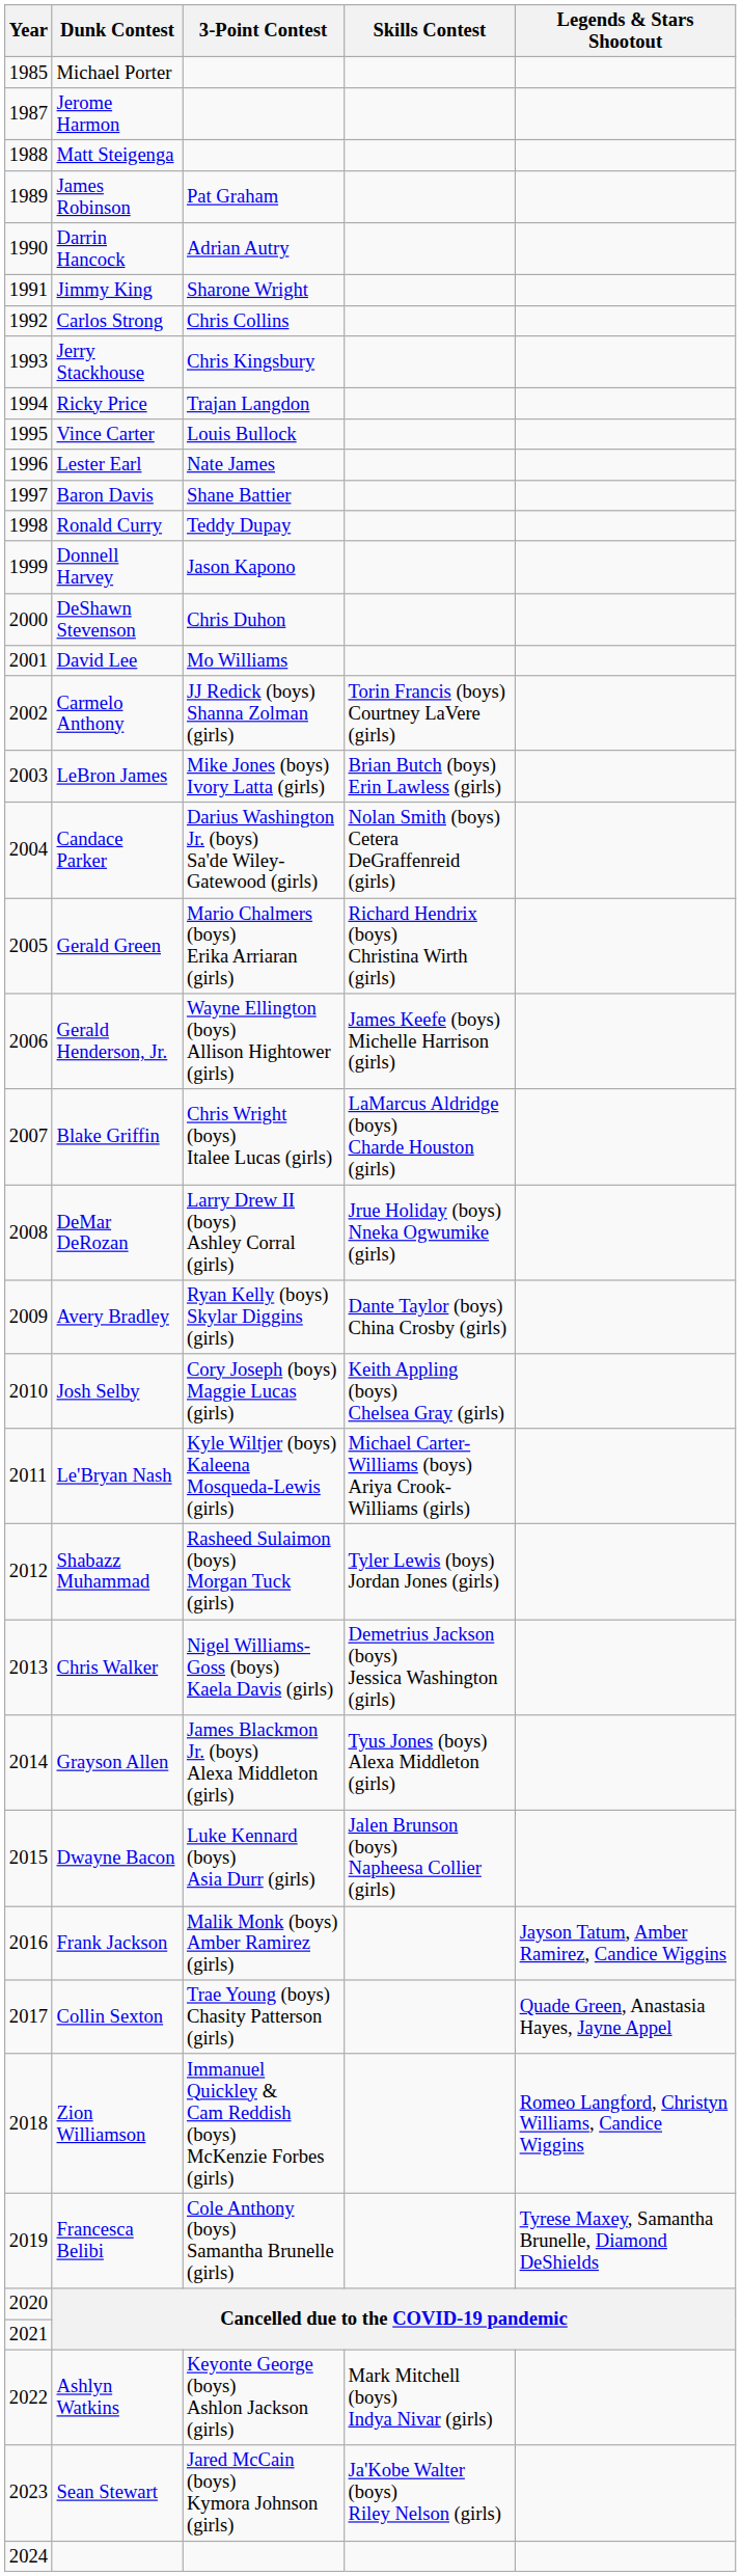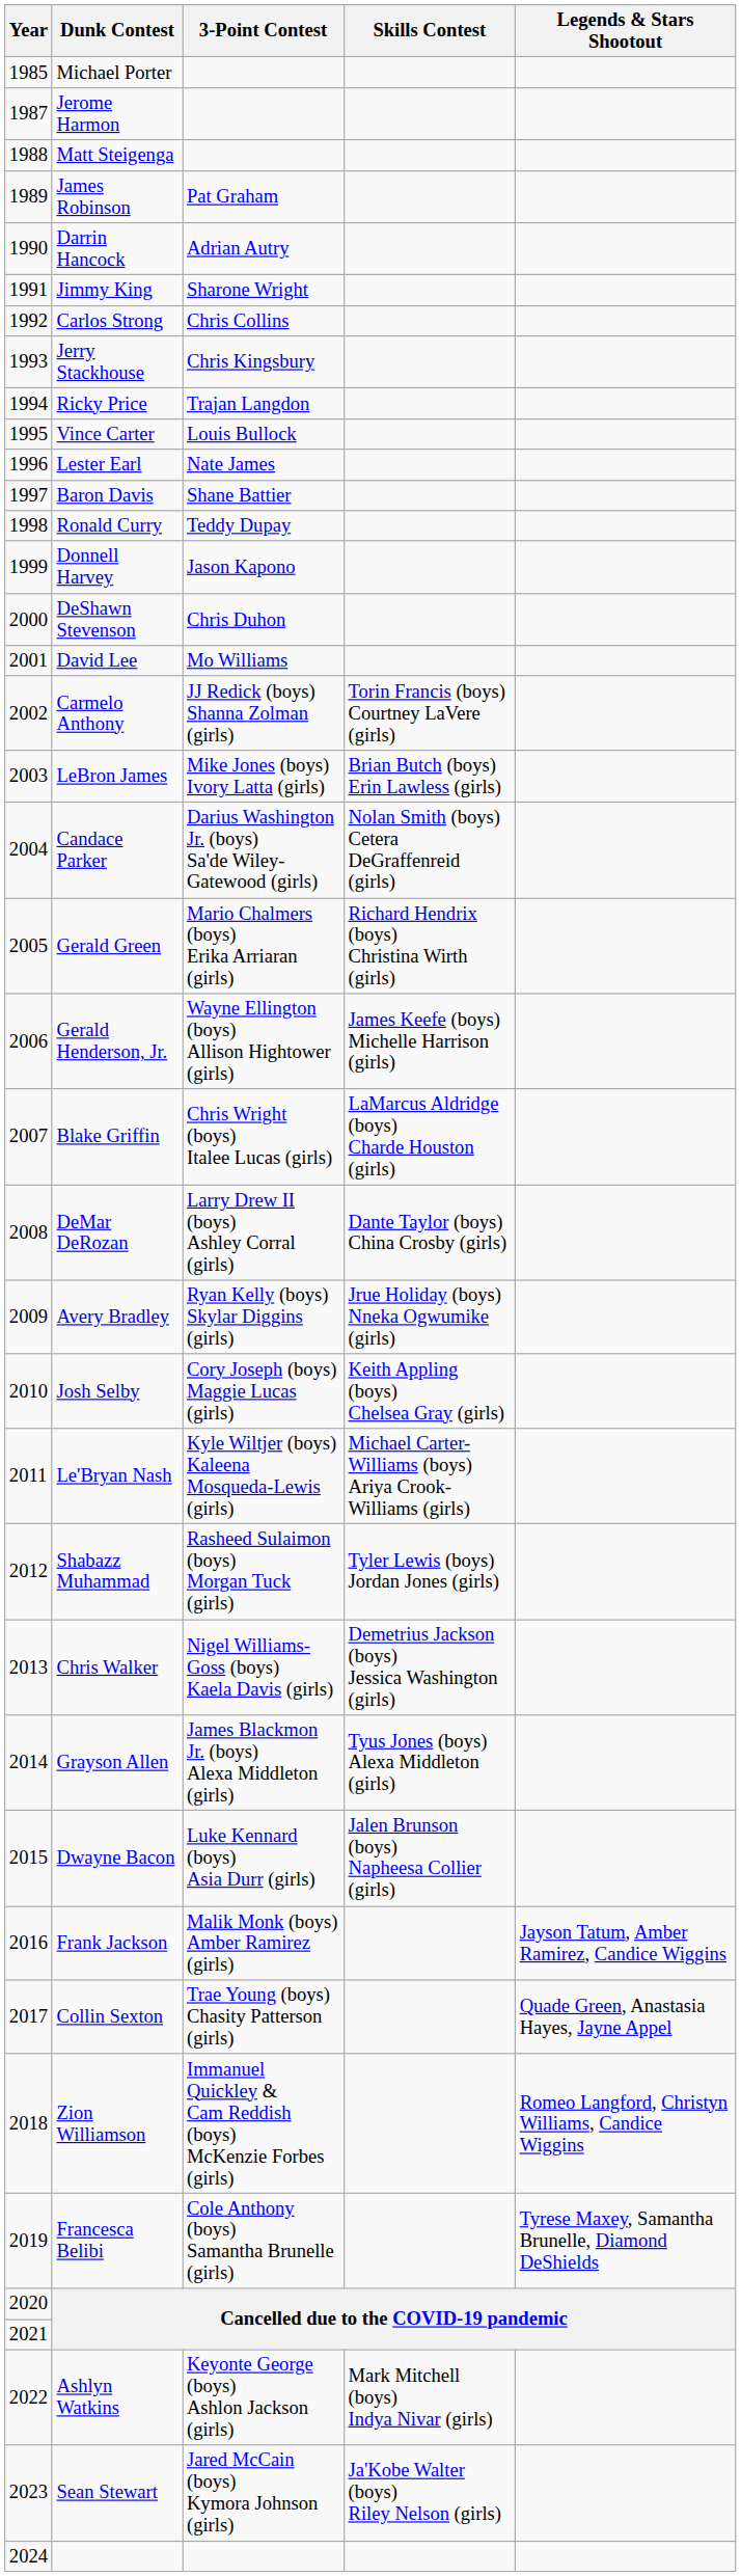 <table class="wikitable sortable">
 <tr>
 <th>Year</th>
 <th>Dunk Contest</th>
 <th>3-Point Contest</th>
 <th>Skills Contest</th>
 <th>Legends & Stars Shootout</th>
 </tr>
 <tr>
 <td>1985</td>
 <td>Michael Porter</td>
 <td></td>
 <td></td>
 <td></td>
 </tr>
 <tr>
 <td>1987</td>
 <td><a href='#'>Jerome Harmon</a></td>
 <td></td>
 <td></td>
 <td></td>
 </tr>
 <tr>
 <td>1988</td>
 <td><a href='#'>Matt Steigenga</a></td>
 <td></td>
 <td></td>
 <td></td>
 </tr>
 <tr>
 <td>1989</td>
 <td><a href='#'>James Robinson</a></td>
 <td><a href='#'>Pat Graham</a></td>
 <td></td>
 <td></td>
 </tr>
 <tr>
 <td>1990</td>
 <td><a href='#'>Darrin Hancock</a></td>
 <td><a href='#'>Adrian Autry</a></td>
 <td></td>
 <td></td>
 </tr>
 <tr>
 <td>1991</td>
 <td><a href='#'>Jimmy King</a></td>
 <td><a href='#'>Sharone Wright</a></td>
 <td></td>
 <td></td>
 </tr>
 <tr>
 <td>1992</td>
 <td><a href='#'>Carlos Strong</a></td>
 <td><a href='#'>Chris Collins</a></td>
 <td></td>
 <td></td>
 </tr>
 <tr>
 <td>1993</td>
 <td><a href='#'>Jerry Stackhouse</a></td>
 <td><a href='#'>Chris Kingsbury</a></td>
 <td></td>
 <td></td>
 </tr>
 <tr>
 <td>1994</td>
 <td><a href='#'>Ricky Price</a></td>
 <td><a href='#'>Trajan Langdon</a></td>
 <td></td>
 <td></td>
 </tr>
 <tr>
 <td>1995</td>
 <td><a href='#'>Vince Carter</a></td>
 <td><a href='#'>Louis Bullock</a></td>
 <td></td>
 <td></td>
 </tr>
 <tr>
 <td>1996</td>
 <td><a href='#'>Lester Earl</a></td>
 <td><a href='#'>Nate James</a></td>
 <td></td>
 <td></td>
 </tr>
 <tr>
 <td>1997</td>
 <td><a href='#'>Baron Davis</a></td>
 <td><a href='#'>Shane Battier</a></td>
 <td></td>
 <td></td>
 </tr>
 <tr>
 <td>1998</td>
 <td><a href='#'>Ronald Curry</a></td>
 <td><a href='#'>Teddy Dupay</a></td>
 <td></td>
 <td></td>
 </tr>
 <tr>
 <td>1999</td>
 <td><a href='#'>Donnell Harvey</a></td>
 <td><a href='#'>Jason Kapono</a></td>
 <td></td>
 <td></td>
 </tr>
 <tr>
 <td>2000</td>
 <td><a href='#'>DeShawn Stevenson</a></td>
 <td><a href='#'>Chris Duhon</a></td>
 <td></td>
 <td></td>
 </tr>
 <tr>
 <td>2001</td>
 <td><a href='#'>David Lee</a></td>
 <td><a href='#'>Mo Williams</a></td>
 <td></td>
 <td></td>
 </tr>
 <tr>
 <td>2002</td>
 <td><a href='#'>Carmelo Anthony</a></td>
 <td><a href='#'>JJ Redick</a> (boys)<br><a href='#'>Shanna Zolman</a> (girls)</td>
 <td><a href='#'>Torin Francis</a> (boys)<br>Courtney LaVere (girls)</td>
 <td></td>
 </tr>
 <tr>
 <td>2003</td>
 <td><a href='#'>LeBron James</a></td>
 <td><a href='#'>Mike Jones</a> (boys)<br><a href='#'>Ivory Latta</a> (girls)</td>
 <td><a href='#'>Brian Butch</a> (boys)<br><a href='#'>Erin Lawless</a> (girls)</td>
 <td></td>
 </tr>
 <tr>
 <td>2004</td>
 <td><a href='#'>Candace Parker</a></td>
 <td><a href='#'>Darius Washington Jr.</a> (boys)<br>Sa'de Wiley-Gatewood (girls)</td>
 <td><a href='#'>Nolan Smith</a> (boys)<br>Cetera DeGraffenreid (girls)</td>
 <td></td>
 </tr>
 <tr>
 <td>2005</td>
 <td><a href='#'>Gerald Green</a></td>
 <td><a href='#'>Mario Chalmers</a> (boys)<br>Erika Arriaran (girls)</td>
 <td><a href='#'>Richard Hendrix</a> (boys)<br>Christina Wirth (girls)</td>
 <td></td>
 </tr>
 <tr>
 <td>2006</td>
 <td><a href='#'>Gerald Henderson, Jr.</a></td>
 <td><a href='#'>Wayne Ellington</a> (boys)<br>Allison Hightower (girls)</td>
 <td><a href='#'>James Keefe</a> (boys)<br>Michelle Harrison (girls)</td>
 <td></td>
 </tr>
 <tr>
 <td>2007</td>
 <td><a href='#'>Blake Griffin</a></td>
 <td><a href='#'>Chris Wright</a> (boys)<br>Italee Lucas (girls)</td>
 <td><a href='#'>LaMarcus Aldridge</a> (boys)<br><a href='#'>Charde Houston</a> (girls)</td>
 <td></td>
 </tr>
 <tr>
 <td>2008</td>
 <td><a href='#'>DeMar DeRozan</a></td>
 <td><a href='#'>Larry Drew II</a> (boys)<br>Ashley Corral (girls)</td>
-<td><a href='#'>Jrue Holiday</a> (boys)<br><a href='#'>Nneka Ogwumike</a> (girls)</td>
+<td><a href='#'>Dante Taylor</a> (boys)<br>China Crosby (girls)</td>
 <td></td>
 </tr>
 <tr>
 <td>2009</td>
 <td><a href='#'>Avery Bradley</a></td>
 <td><a href='#'>Ryan Kelly</a> (boys)<br><a href='#'>Skylar Diggins</a> (girls)</td>
-<td><a href='#'>Dante Taylor</a> (boys)<br>China Crosby (girls)</td>
+<td><a href='#'>Jrue Holiday</a> (boys)<br><a href='#'>Nneka Ogwumike</a> (girls)</td>
 <td></td>
 </tr>
 <tr>
 <td>2010</td>
 <td><a href='#'>Josh Selby</a></td>
 <td><a href='#'>Cory Joseph</a> (boys)<br><a href='#'>Maggie Lucas</a> (girls)</td>
 <td><a href='#'>Keith Appling</a> (boys)<br><a href='#'>Chelsea Gray</a> (girls)</td>
 <td></td>
 </tr>
 <tr>
 <td>2011</td>
 <td><a href='#'>Le'Bryan Nash</a></td>
 <td><a href='#'>Kyle Wiltjer</a> (boys)<br><a href='#'>Kaleena Mosqueda-Lewis</a> (girls)</td>
 <td><a href='#'>Michael Carter-Williams</a> (boys)<br>Ariya Crook-Williams (girls)</td>
 <td></td>
 </tr>
 <tr>
 <td>2012</td>
 <td><a href='#'>Shabazz Muhammad</a></td>
 <td><a href='#'>Rasheed Sulaimon</a> (boys)<br><a href='#'>Morgan Tuck</a> (girls)</td>
 <td><a href='#'>Tyler Lewis</a> (boys)<br>Jordan Jones (girls)</td>
 <td></td>
 </tr>
 <tr>
 <td>2013</td>
 <td><a href='#'>Chris Walker</a></td>
 <td><a href='#'>Nigel Williams-Goss</a> (boys)<br><a href='#'>Kaela Davis</a> (girls)</td>
 <td><a href='#'>Demetrius Jackson</a> (boys)<br>Jessica Washington (girls)</td>
 <td></td>
 </tr>
 <tr>
 <td>2014</td>
 <td><a href='#'>Grayson Allen</a></td>
 <td><a href='#'>James Blackmon Jr.</a> (boys)<br>Alexa Middleton (girls)</td>
 <td><a href='#'>Tyus Jones</a> (boys)<br>Alexa Middleton (girls)</td>
 <td></td>
 </tr>
 <tr>
 <td>2015</td>
 <td><a href='#'>Dwayne Bacon</a></td>
 <td><a href='#'>Luke Kennard</a> (boys)<br><a href='#'>Asia Durr</a> (girls)</td>
 <td><a href='#'>Jalen Brunson</a> (boys)<br><a href='#'>Napheesa Collier</a> (girls)</td>
 <td></td>
 </tr>
 <tr>
 <td>2016</td>
 <td><a href='#'>Frank Jackson</a></td>
 <td><a href='#'>Malik Monk</a> (boys)<br><a href='#'>Amber Ramirez</a> (girls)</td>
 <td></td>
 <td><a href='#'>Jayson Tatum</a>, <a href='#'>Amber Ramirez</a>, <a href='#'>Candice Wiggins</a></td>
 </tr>
 <tr>
 <td>2017</td>
 <td><a href='#'>Collin Sexton</a></td>
 <td><a href='#'>Trae Young</a> (boys)<br>Chasity Patterson (girls)</td>
 <td></td>
 <td><a href='#'>Quade Green</a>, Anastasia Hayes, <a href='#'>Jayne Appel</a></td>
 </tr>
 <tr>
 <td>2018</td>
 <td><a href='#'>Zion Williamson</a></td>
 <td><a href='#'>Immanuel Quickley</a> &<br><a href='#'>Cam Reddish</a> (boys)<br>McKenzie Forbes (girls)</td>
 <td></td>
 <td><a href='#'>Romeo Langford</a>, <a href='#'>Christyn Williams</a>, <a href='#'>Candice Wiggins</a></td>
 </tr>
 <tr>
 <td>2019</td>
 <td><a href='#'>Francesca Belibi</a></td>
 <td><a href='#'>Cole Anthony</a> (boys)<br>Samantha Brunelle (girls)</td>
 <td></td>
 <td><a href='#'>Tyrese Maxey</a>, Samantha Brunelle, <a href='#'>Diamond DeShields</a></td>
 </tr>
 <tr>
 <td>2020</td>
 <th colspan="4" rowspan="2">Cancelled due to the <a href='#'>COVID-19 pandemic</a></th>
 </tr>
 <tr>
 <td>2021</td>
 </tr>
 <tr>
 <td>2022</td>
 <td><a href='#'>Ashlyn Watkins</a></td>
 <td><a href='#'>Keyonte George</a> (boys)<br>Ashlon Jackson (girls)</td>
 <td>Mark Mitchell (boys)<br><a href='#'>Indya Nivar</a> (girls)</td>
 <td></td>
 </tr>
 <tr>
 <td>2023</td>
 <td><a href='#'>Sean Stewart</a></td>
 <td><a href='#'>Jared McCain</a> (boys)<br>Kymora Johnson (girls)</td>
 <td><a href='#'>Ja'Kobe Walter</a> (boys)<br><a href='#'>Riley Nelson</a> (girls)</td>
 <td></td>
 </tr>
 <tr>
 <td>2024</td>
 <td></td>
 <td></td>
 <td></td>
 <td></td>
 </tr>
 </table>
